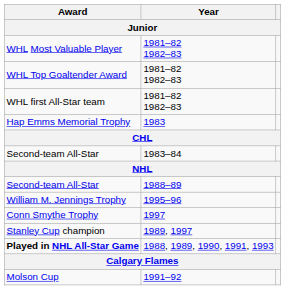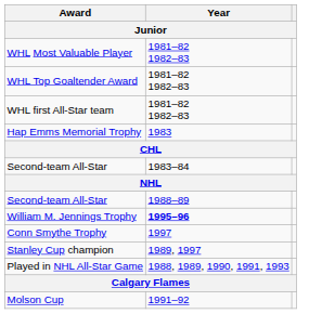 <table class="wikitable">
 <tr>
 <th>Award</th>
 <th>Year</th>
 <th></th>
 </tr>
 <tr>
 <th colspan="3">Junior</th>
 </tr>
 <tr>
 <td><a href='#'>WHL</a> <a href='#'>Most Valuable Player</a></td>
 <td><a href='#'>1981–82</a><br><a href='#'>1982–83</a></td>
 <td></td>
 </tr>
 <tr>
 <td><a href='#'>WHL Top Goaltender Award</a></td>
 <td>1981–82<br>1982–83</td>
 <td></td>
 </tr>
 <tr>
 <td>WHL first All-Star team</td>
 <td>1981–82<br>1982–83</td>
 <td></td>
 </tr>
 <tr>
 <td><a href='#'>Hap Emms Memorial Trophy</a></td>
 <td><a href='#'>1983</a></td>
 <td></td>
 </tr>
 <tr>
 <th colspan="3"><a href='#'>CHL</a></th>
 </tr>
 <tr>
 <td>Second-team All-Star</td>
 <td>1983–84</td>
 <td></td>
 </tr>
 <tr>
 <th colspan="3"><a href='#'>NHL</a></th>
 </tr>
 <tr>
 <td><a href='#'>Second-team All-Star</a></td>
 <td><a href='#'>1988–89</a></td>
 <td></td>
 </tr>
 <tr>
 <td><a href='#'>William M. Jennings Trophy</a></td>
-<td><a href='#'>1995–96</a></td>
+<td><strong><a href='#'>1995–96</a></strong></td>
 <td></td>
 </tr>
 <tr>
 <td><a href='#'>Conn Smythe Trophy</a></td>
 <td><a href='#'>1997</a></td>
 <td></td>
 </tr>
 <tr>
 <td><a href='#'>Stanley Cup</a> champion</td>
 <td><a href='#'>1989</a>, <a href='#'>1997</a></td>
 <td></td>
 </tr>
 <tr>
-<td><strong>Played in <a href='#'>NHL All-Star Game</a></strong></td>
+<td>Played in <a href='#'>NHL All-Star Game</a></td>
 <td><a href='#'>1988</a>, <a href='#'>1989</a>, <a href='#'>1990</a>, <a href='#'>1991</a>, <a href='#'>1993</a></td>
 <td></td>
 </tr>
 <tr>
 <th colspan="3"><a href='#'>Calgary Flames</a></th>
 </tr>
 <tr>
 <td><a href='#'>Molson Cup</a></td>
 <td><a href='#'>1991–92</a></td>
 <td></td>
 </tr>
 </table>
